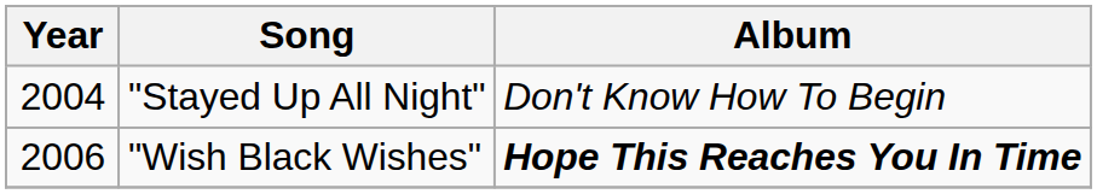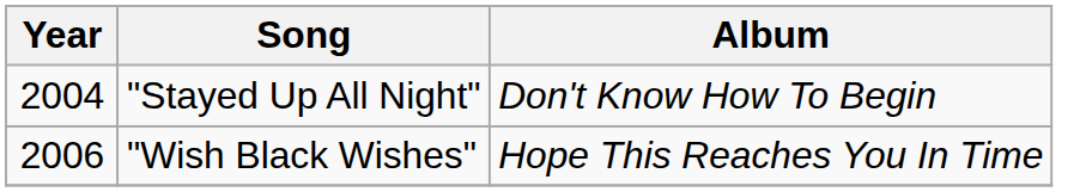 <table class="wikitable">
 <tr>
 <th align="center" valign="top" width="40">Year</th>
 <th align="left" valign="top">Song</th>
 <th align="left" valign="top">Album</th>
 </tr>
 <tr>
 <td align="center" valign="top">2004</td>
 <td align="left" valign="top">"Stayed Up All Night"</td>
 <td align="left" valign="top"><em>Don't Know How To Begin</em></td>
 </tr>
 <tr>
 <td align="center" valign="top">2006</td>
 <td align="left" valign="top">"Wish Black Wishes"</td>
-<td align="left" valign="top"><strong><em>Hope This Reaches You In Time</em></strong></td>
+<td align="left" valign="top"><em>Hope This Reaches You In Time</em></td>
 </tr>
 <tr>
 </tr>
 </table>
